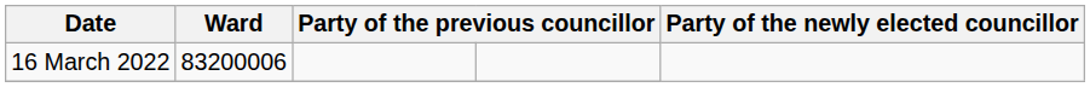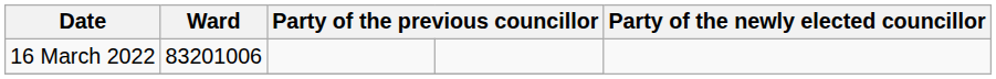 <table class="wikitable">
 <tr>
 <th>Date</th>
 <th>Ward</th>
 <th colspan=2>Party of the previous councillor</th>
 <th colspan=2>Party of the newly elected councillor</th>
 </tr>
 <tr>
 <td>16 March 2022</td>
-<td>83200006</td>
+<td>83201006</td>
 <td></td>
 <td></td>
 </tr>
 <tr>
 </tr>
 </table>
